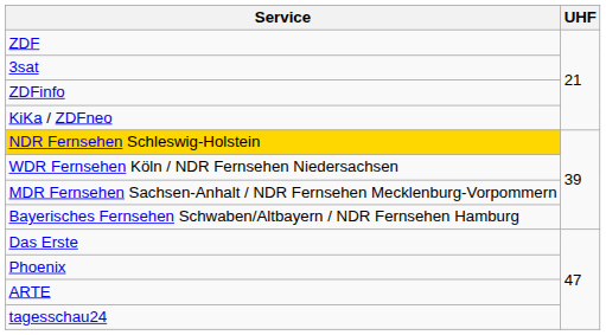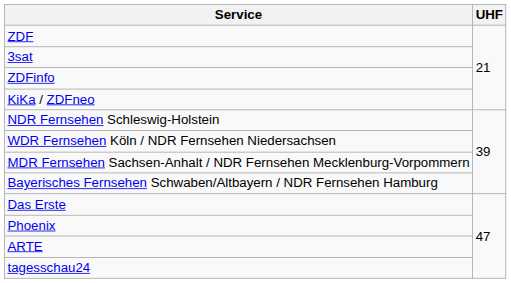 <table class="wikitable">
 <tr>
 <th>Service</th>
 <th>UHF</th>
 </tr>
 <tr>
 <td><a href='#'>ZDF</a></td>
 <td rowspan=4>21</td>
 </tr>
 <tr>
 <td><a href='#'>3sat</a></td>
 </tr>
 <tr>
 <td><a href='#'>ZDFinfo</a></td>
 </tr>
 <tr>
 <td><a href='#'>KiKa</a> / <a href='#'>ZDFneo</a></td>
 </tr>
 <tr>
-<td style="background: gold;"><a href='#'>NDR Fernsehen</a> Schleswig-Holstein</td>
+<td><a href='#'>NDR Fernsehen</a> Schleswig-Holstein</td>
 <td rowspan=4>39</td>
 </tr>
 <tr>
 <td><a href='#'>WDR Fernsehen</a> Köln / NDR Fernsehen Niedersachsen</td>
 </tr>
 <tr>
 <td><a href='#'>MDR Fernsehen</a> Sachsen-Anhalt / NDR Fernsehen Mecklenburg-Vorpommern</td>
 </tr>
 <tr>
 <td><a href='#'>Bayerisches Fernsehen</a> Schwaben/Altbayern / NDR Fernsehen Hamburg</td>
 </tr>
 <tr>
 <td><a href='#'>Das Erste</a></td>
 <td rowspan=4>47</td>
 </tr>
 <tr>
 <td><a href='#'>Phoenix</a></td>
 </tr>
 <tr>
 <td><a href='#'>ARTE</a></td>
 </tr>
 <tr>
 <td><a href='#'>tagesschau24</a></td>
 </tr>
 </table>
